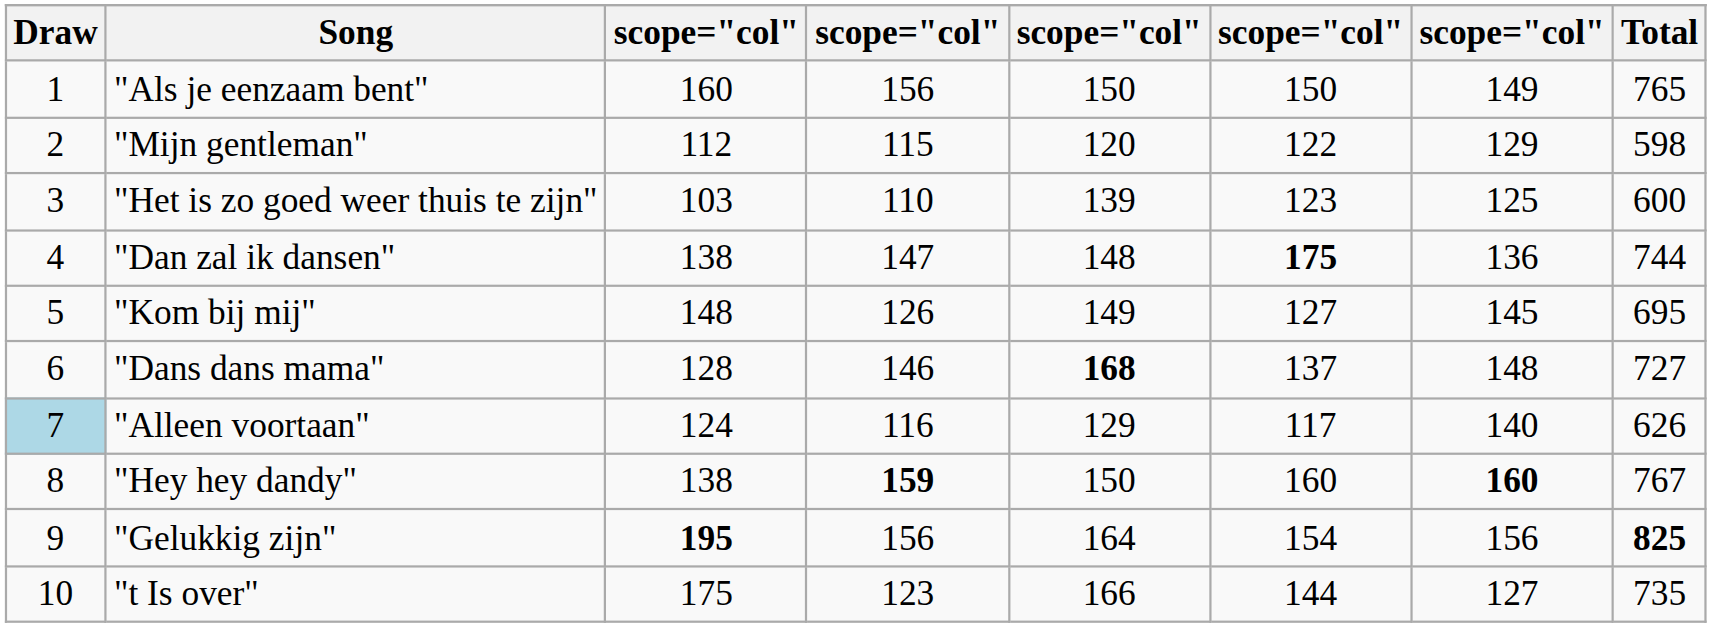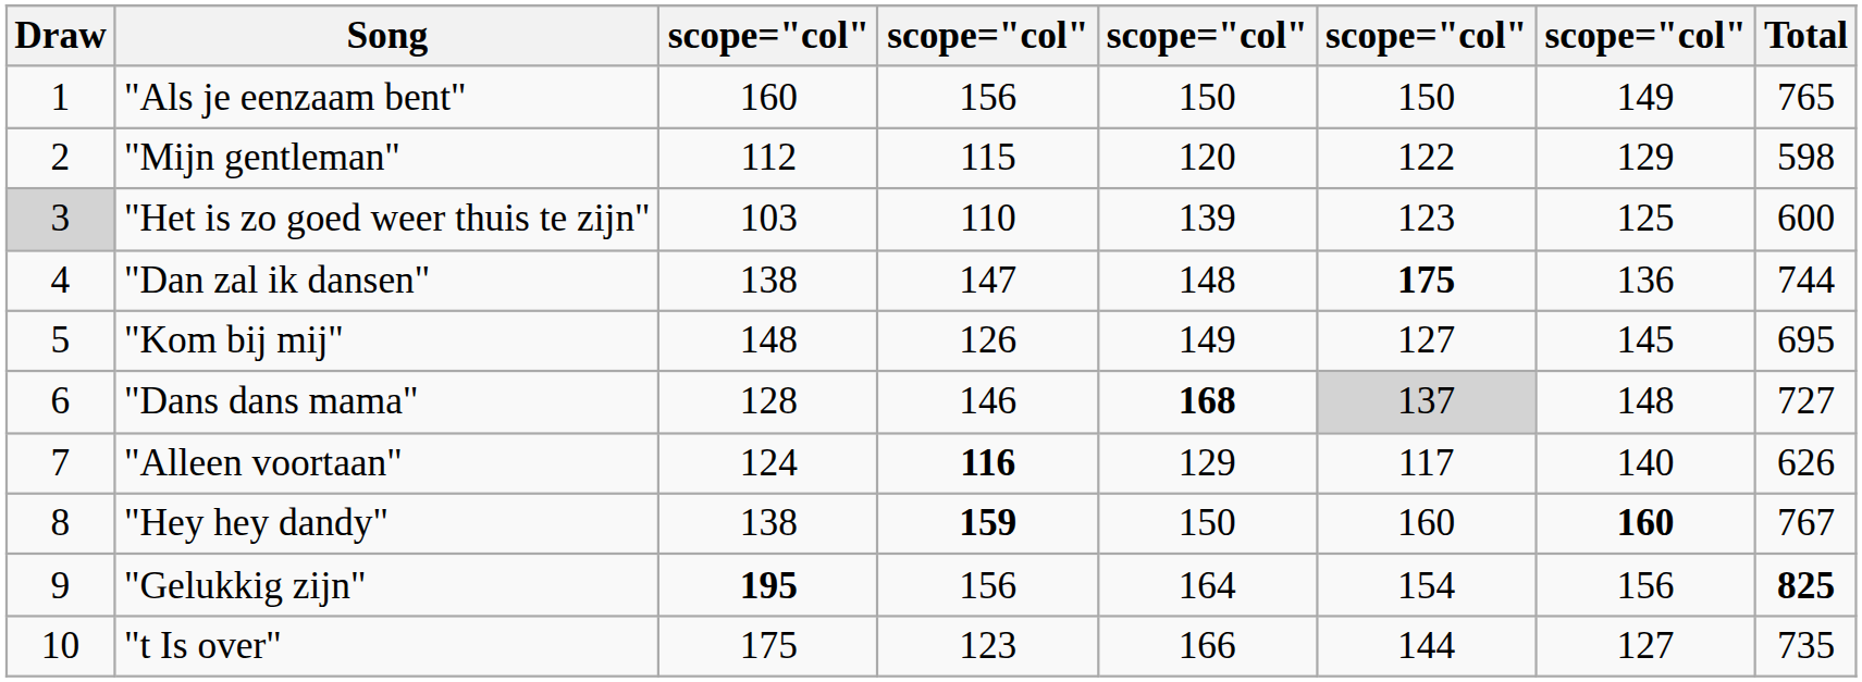 <table class="wikitable plainrowheaders" style="margin: 1em auto 1em auto; text-align:center;">
 <tr>
 </tr>
 <tr>
 <th scope="col">Draw</th>
 <th scope="col">Song</th>
 <th>scope="col" </th>
 <th>scope="col" </th>
 <th>scope="col" </th>
 <th>scope="col" </th>
 <th>scope="col" </th>
 <th scope="col">Total</th>
 </tr>
 <tr>
 <td>1</td>
 <td align="left">"Als je eenzaam bent"</td>
 <td>160</td>
 <td>156</td>
 <td>150</td>
 <td>150</td>
 <td>149</td>
 <td>765</td>
 </tr>
 <tr>
 <td>2</td>
 <td align="left">"Mijn gentleman"</td>
 <td>112</td>
 <td>115</td>
 <td>120</td>
 <td>122</td>
 <td>129</td>
 <td>598</td>
 </tr>
 <tr>
-<td>3</td>
+<td style="background: lightgrey;">3</td>
 <td align="left">"Het is zo goed weer thuis te zijn"</td>
 <td>103</td>
 <td>110</td>
 <td>139</td>
 <td>123</td>
 <td>125</td>
 <td>600</td>
 </tr>
 <tr>
 <td>4</td>
 <td align="left">"Dan zal ik dansen"</td>
 <td>138</td>
 <td>147</td>
 <td>148</td>
 <td><strong>175</strong></td>
 <td>136</td>
 <td>744</td>
 </tr>
 <tr>
 <td>5</td>
 <td align="left">"Kom bij mij"</td>
 <td>148</td>
 <td>126</td>
 <td>149</td>
 <td>127</td>
 <td>145</td>
 <td>695</td>
 </tr>
 <tr>
 <td>6</td>
 <td align="left">"Dans dans mama"</td>
 <td>128</td>
 <td>146</td>
 <td><strong>168</strong></td>
-<td>137</td>
+<td style="background: lightgrey;">137</td>
 <td>148</td>
 <td>727</td>
 </tr>
 <tr>
-<td style="background: lightblue;">7</td>
+<td>7</td>
 <td align="left">"Alleen voortaan"</td>
 <td>124</td>
-<td>116</td>
+<td><strong>116</strong></td>
 <td>129</td>
 <td>117</td>
 <td>140</td>
 <td>626</td>
 </tr>
 <tr>
 <td>8</td>
 <td align="left">"Hey hey dandy"</td>
 <td>138</td>
 <td><strong>159</strong></td>
 <td>150</td>
 <td>160</td>
 <td><strong>160</strong></td>
 <td>767</td>
 </tr>
 <tr>
 <td>9</td>
 <td align="left">"Gelukkig zijn"</td>
 <td><strong>195</strong></td>
 <td>156</td>
 <td>164</td>
 <td>154</td>
 <td>156</td>
 <td><strong>825</strong></td>
 </tr>
 <tr>
 <td>10</td>
 <td align="left">"t Is over"</td>
 <td>175</td>
 <td>123</td>
 <td>166</td>
 <td>144</td>
 <td>127</td>
 <td>735</td>
 </tr>
 </table>
